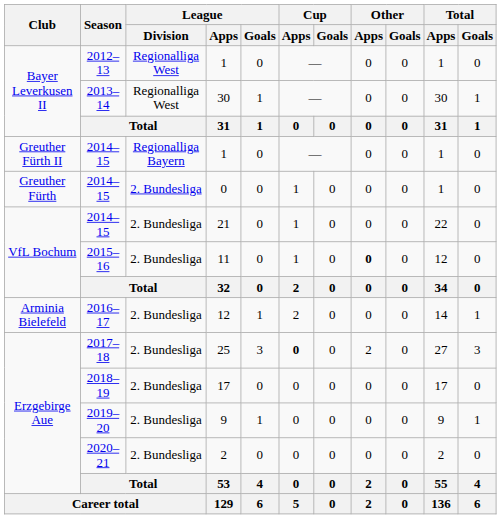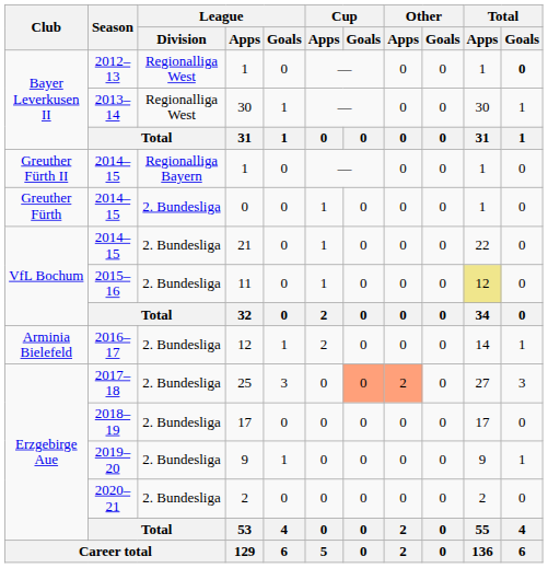 <table class="wikitable" style="text-align:center">
 <tr>
 <th rowspan="2">Club</th>
 <th rowspan="2">Season</th>
 <th colspan="3">League</th>
 <th colspan="2">Cup</th>
 <th colspan="2">Other</th>
 <th colspan="2">Total</th>
 </tr>
 <tr>
 <th>Division</th>
 <th>Apps</th>
 <th>Goals</th>
 <th>Apps</th>
 <th>Goals</th>
 <th>Apps</th>
 <th>Goals</th>
 <th>Apps</th>
 <th>Goals</th>
 </tr>
 <tr>
 <td rowspan="3"><a href='#'>Bayer Leverkusen II</a></td>
 <td><a href='#'>2012–13</a></td>
 <td><a href='#'>Regionalliga West</a></td>
 <td>1</td>
 <td>0</td>
 <td colspan="2">—</td>
 <td>0</td>
 <td>0</td>
 <td>1</td>
-<td>0</td>
+<td><strong>0</strong></td>
 </tr>
 <tr>
 <td><a href='#'>2013–14</a></td>
 <td>Regionalliga West</td>
 <td>30</td>
 <td>1</td>
 <td colspan="2">—</td>
 <td>0</td>
 <td>0</td>
 <td>30</td>
 <td>1</td>
 </tr>
 <tr>
 <th colspan="2">Total</th>
 <th>31</th>
 <th>1</th>
 <th>0</th>
 <th>0</th>
 <th>0</th>
 <th>0</th>
 <th>31</th>
 <th>1</th>
 </tr>
 <tr>
 <td><a href='#'>Greuther Fürth II</a></td>
 <td><a href='#'>2014–15</a></td>
 <td><a href='#'>Regionalliga Bayern</a></td>
 <td>1</td>
 <td>0</td>
 <td colspan="2">—</td>
 <td>0</td>
 <td>0</td>
 <td>1</td>
 <td>0</td>
 </tr>
 <tr>
 <td><a href='#'>Greuther Fürth</a></td>
 <td><a href='#'>2014–15</a></td>
 <td><a href='#'>2. Bundesliga</a></td>
 <td>0</td>
 <td>0</td>
 <td>1</td>
 <td>0</td>
 <td>0</td>
 <td>0</td>
 <td>1</td>
 <td>0</td>
 </tr>
 <tr>
 <td rowspan="3"><a href='#'>VfL Bochum</a></td>
 <td><a href='#'>2014–15</a></td>
 <td>2. Bundesliga</td>
 <td>21</td>
 <td>0</td>
 <td>1</td>
 <td>0</td>
 <td>0</td>
 <td>0</td>
 <td>22</td>
 <td>0</td>
 </tr>
 <tr>
 <td><a href='#'>2015–16</a></td>
 <td>2. Bundesliga</td>
 <td>11</td>
 <td>0</td>
 <td>1</td>
 <td>0</td>
-<td><strong>0</strong></td>
 <td>0</td>
-<td>12</td>
+<td>0</td>
+<td style="background: khaki;">12</td>
 <td>0</td>
 </tr>
 <tr>
 <th colspan="2">Total</th>
 <th>32</th>
 <th>0</th>
 <th>2</th>
 <th>0</th>
 <th>0</th>
 <th>0</th>
 <th>34</th>
 <th>0</th>
 </tr>
 <tr>
 <td><a href='#'>Arminia Bielefeld</a></td>
 <td><a href='#'>2016–17</a></td>
 <td>2. Bundesliga</td>
 <td>12</td>
 <td>1</td>
 <td>2</td>
 <td>0</td>
 <td>0</td>
 <td>0</td>
 <td>14</td>
 <td>1</td>
 </tr>
 <tr>
 <td rowspan="5"><a href='#'>Erzgebirge Aue</a></td>
 <td><a href='#'>2017–18</a></td>
 <td>2. Bundesliga</td>
 <td>25</td>
 <td>3</td>
-<td><strong>0</strong></td>
 <td>0</td>
-<td>2</td>
+<td style="background: lightsalmon;">0</td>
+<td style="background: lightsalmon;">2</td>
 <td>0</td>
 <td>27</td>
 <td>3</td>
 </tr>
 <tr>
 <td><a href='#'>2018–19</a></td>
 <td>2. Bundesliga</td>
 <td>17</td>
 <td>0</td>
 <td>0</td>
 <td>0</td>
 <td>0</td>
 <td>0</td>
 <td>17</td>
 <td>0</td>
 </tr>
 <tr>
 <td><a href='#'>2019–20</a></td>
 <td>2. Bundesliga</td>
 <td>9</td>
 <td>1</td>
 <td>0</td>
 <td>0</td>
 <td>0</td>
 <td>0</td>
 <td>9</td>
 <td>1</td>
 </tr>
 <tr>
 <td><a href='#'>2020–21</a></td>
 <td>2. Bundesliga</td>
 <td>2</td>
 <td>0</td>
 <td>0</td>
 <td>0</td>
 <td>0</td>
 <td>0</td>
 <td>2</td>
 <td>0</td>
 </tr>
 <tr>
 <th colspan="2">Total</th>
 <th>53</th>
 <th>4</th>
 <th>0</th>
 <th>0</th>
 <th>2</th>
 <th>0</th>
 <th>55</th>
 <th>4</th>
 </tr>
 <tr>
 <th colspan="3">Career total</th>
 <th>129</th>
 <th>6</th>
 <th>5</th>
 <th>0</th>
 <th>2</th>
 <th>0</th>
 <th>136</th>
 <th>6</th>
 </tr>
 </table>
